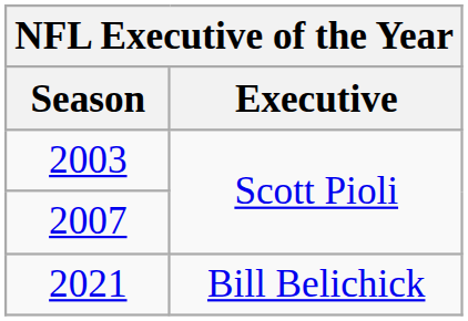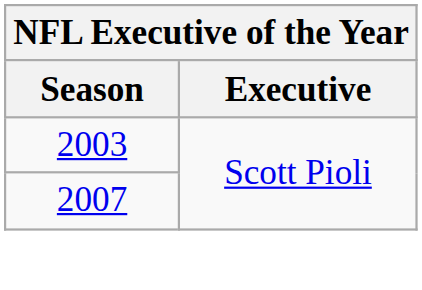 <table class="wikitable sortable" style="text-align:center">
 <tr>
 <th colspan="2">NFL Executive of the Year</th>
 </tr>
 <tr>
 <th>Season</th>
 <th>Executive</th>
 </tr>
 <tr>
 <td><a href='#'>2003</a></td>
 <td rowspan=2><a href='#'>Scott Pioli</a></td>
 </tr>
 <tr>
 <td><a href='#'>2007</a></td>
 </tr>
-<tr>
-<td><a href='#'>2021</a></td>
-<td><a href='#'>Bill Belichick</a></td>
-</tr>
 </table>
